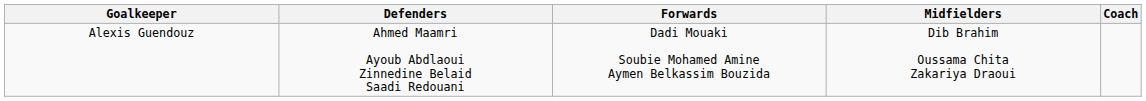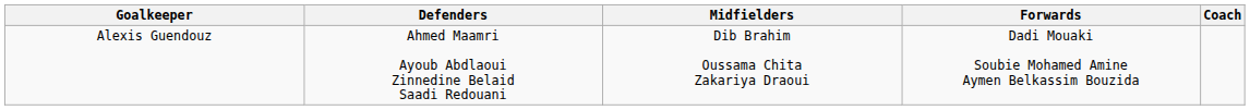 <table class="wikitable" style="margin:auto;text-align:center">
 <tr>
 <th style="width:25%;">Goalkeeper</th>
 <th style="width:25%;">Defenders</th>
+<th style="width:25%;">Midfielders</th>
 <th style="width:25%;">Forwards</th>
-<th style="width:25%;">Midfielders</th>
 <th>Coach</th>
 </tr>
 <tr style="vertical-align:top;">
 <td> Alexis Guendouz</td>
 <td> Ahmed Maamri<br><br> Ayoub Abdlaoui<br>  Zinnedine Belaid<br> Saadi Redouani<br></td>
+<td> Dib Brahim<br><br> Oussama Chita<br>  Zakariya Draoui<br></td>
 <td> Dadi Mouaki<br><br> Soubie Mohamed Amine<br> Aymen Belkassim Bouzida</td>
-<td> Dib Brahim<br><br> Oussama Chita<br>  Zakariya Draoui<br></td>
 <td></td>
 </tr>
 </table>
